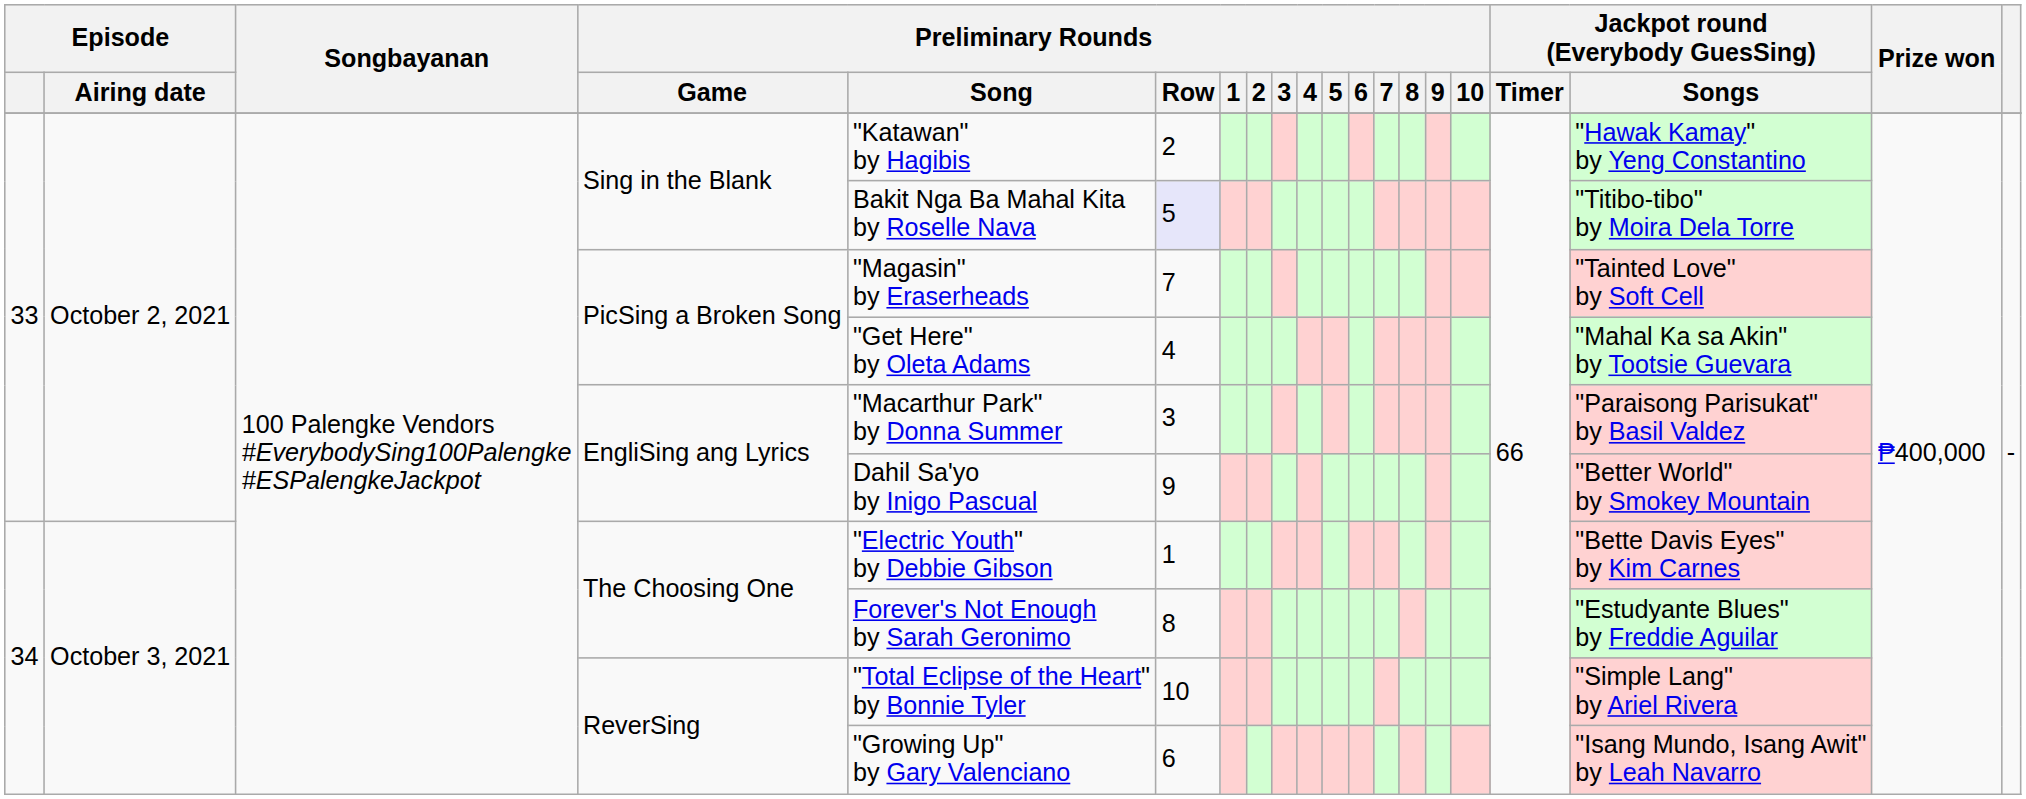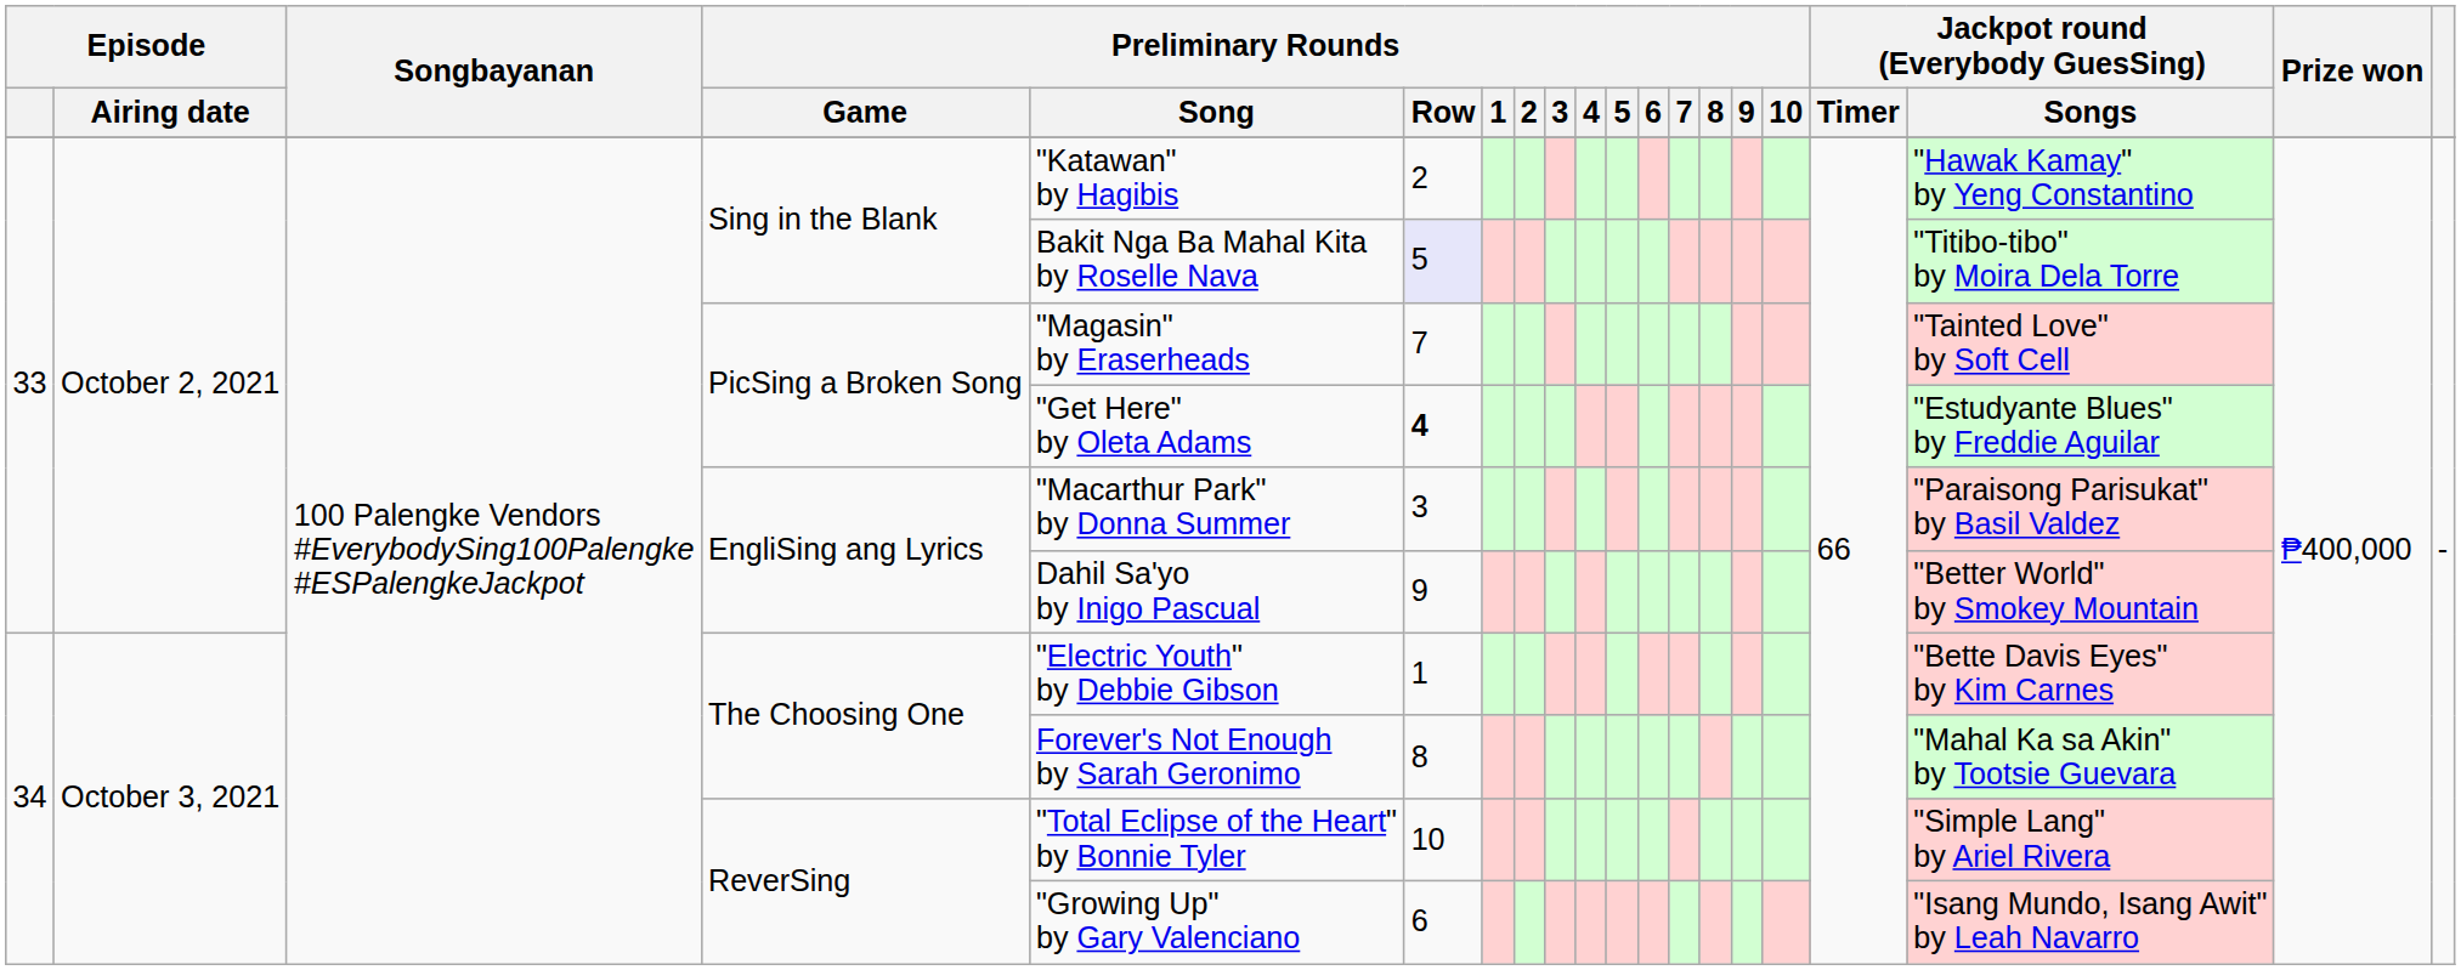 <table class="wikitable plainrowheaders mw-collapsible ">
 <tr>
 <th colspan="2">Episode</th>
 <th rowspan="2">Songbayanan</th>
 <th colspan="13">Preliminary Rounds</th>
 <th colspan="2">Jackpot round<br><strong>(Everybody GuesSing)</strong></th>
 <th rowspan="2">Prize won</th>
 <th rowspan="2"></th>
 </tr>
 <tr>
 <th></th>
 <th>Airing date</th>
 <th>Game</th>
 <th>Song</th>
 <th>Row</th>
 <th>1</th>
 <th>2</th>
 <th>3</th>
 <th>4</th>
 <th>5</th>
 <th>6</th>
 <th>7</th>
 <th>8</th>
 <th>9</th>
 <th>10</th>
 <th>Timer</th>
 <th>Songs</th>
 </tr>
 <tr>
 </tr>
 <tr>
 </tr>
 <tr>
 <td rowspan="6">33</td>
 <td rowspan="6">October 2, 2021</td>
 <td rowspan="10">100 Palengke Vendors <br> <em>#EverybodySing100Palengke</em> <br> <em>#ESPalengkeJackpot</em></td>
 <td rowspan="2">Sing in the Blank</td>
 <td>"Katawan" <br> by <a href='#'>Hagibis</a></td>
 <td>2</td>
 <td style="background:#D2FFD2"></td>
 <td style="background:#D2FFD2"></td>
 <td style="background:#FFD2D2"></td>
 <td style="background:#D2FFD2"></td>
 <td style="background:#D2FFD2"></td>
 <td style="background:#FFD2D2"></td>
 <td style="background:#D2FFD2"></td>
 <td style="background:#D2FFD2"></td>
 <td style="background:#FFD2D2"></td>
 <td style="background:#D2FFD2"></td>
 <td rowspan="10">66 </td>
 <td style="background:#D2FFD2">"<a href='#'>Hawak Kamay</a>"<br>by <a href='#'>Yeng Constantino</a></td>
 <td rowspan="10"><a href='#'>₱</a>400,000</td>
 <td rowspan="10">-</td>
 </tr>
 <tr>
 <td>Bakit Nga Ba Mahal Kita <br> by <a href='#'>Roselle Nava</a></td>
 <td style="background: lavender;">5</td>
 <td style="background:#FFD2D2"></td>
 <td style="background:#FFD2D2"></td>
 <td style="background:#D2FFD2"></td>
 <td style="background:#D2FFD2"></td>
 <td style="background:#D2FFD2"></td>
 <td style="background:#D2FFD2"></td>
 <td style="background:#FFD2D2"></td>
 <td style="background:#FFD2D2"></td>
 <td style="background:#FFD2D2"></td>
 <td style="background:#FFD2D2"></td>
 <td style="background:#D2FFD2">"Titibo-tibo"<br>by <a href='#'>Moira Dela Torre</a></td>
 </tr>
 <tr>
 <td rowspan="2">PicSing a Broken Song</td>
 <td>"Magasin" <br> by <a href='#'>Eraserheads</a></td>
 <td>7</td>
 <td style="background:#D2FFD2"></td>
 <td style="background:#D2FFD2"></td>
 <td style="background:#FFD2D2"></td>
 <td style="background:#D2FFD2"></td>
 <td style="background:#D2FFD2"></td>
 <td style="background:#D2FFD2"></td>
 <td style="background:#D2FFD2"></td>
 <td style="background:#D2FFD2"></td>
 <td style="background:#FFD2D2"></td>
 <td style="background:#FFD2D2"></td>
 <td style="background:#FFD2D2">"Tainted Love"<br>by <a href='#'>Soft Cell</a></td>
 </tr>
 <tr>
 <td>"Get Here" <br> by <a href='#'>Oleta Adams</a></td>
-<td>4</td>
+<td><strong>4</strong></td>
 <td style="background:#D2FFD2"></td>
 <td style="background:#D2FFD2"></td>
 <td style="background:#D2FFD2"></td>
 <td style="background:#FFD2D2"></td>
 <td style="background:#FFD2D2"></td>
 <td style="background:#D2FFD2"></td>
 <td style="background:#FFD2D2"></td>
 <td style="background:#FFD2D2"></td>
 <td style="background:#FFD2D2"></td>
 <td style="background:#D2FFD2"></td>
-<td style="background:#D2FFD2">"Mahal Ka sa Akin"<br>by <a href='#'>Tootsie Guevara</a></td>
+<td style="background:#D2FFD2">"Estudyante Blues"<br>by <a href='#'>Freddie Aguilar</a></td>
 </tr>
 <tr>
 <td rowspan="2">EngliSing ang Lyrics</td>
 <td>"Macarthur Park" <br> by <a href='#'>Donna Summer</a></td>
 <td>3</td>
 <td style="background:#D2FFD2"></td>
 <td style="background:#D2FFD2"></td>
 <td style="background:#FFD2D2"></td>
 <td style="background:#D2FFD2"></td>
 <td style="background:#FFD2D2"></td>
 <td style="background:#D2FFD2"></td>
 <td style="background:#FFD2D2"></td>
 <td style="background:#FFD2D2"></td>
 <td style="background:#FFD2D2"></td>
 <td style="background:#D2FFD2"></td>
 <td style="background:#FFD2D2">"Paraisong Parisukat"<br>by <a href='#'>Basil Valdez</a></td>
 </tr>
 <tr>
 <td>Dahil Sa'yo <br>by <a href='#'>Inigo Pascual</a></td>
 <td>9</td>
 <td style="background:#FFD2D2"></td>
 <td style="background:#FFD2D2"></td>
 <td style="background:#D2FFD2"></td>
 <td style="background:#FFD2D2"></td>
 <td style="background:#D2FFD2"></td>
 <td style="background:#D2FFD2"></td>
 <td style="background:#D2FFD2"></td>
 <td style="background:#D2FFD2"></td>
 <td style="background:#FFD2D2"></td>
 <td style="background:#D2FFD2"></td>
 <td style="background:#FFD2D2">"Better World"<br>by <a href='#'>Smokey Mountain</a></td>
 </tr>
 <tr>
 <td rowspan="4">34</td>
 <td rowspan="4">October 3, 2021</td>
 <td rowspan="2">The Choosing One</td>
 <td>"<a href='#'>Electric Youth</a>" <br> by <a href='#'>Debbie Gibson</a></td>
 <td>1</td>
 <td style="background:#D2FFD2"></td>
 <td style="background:#D2FFD2"></td>
 <td style="background:#FFD2D2"></td>
 <td style="background:#FFD2D2"></td>
 <td style="background:#D2FFD2"></td>
 <td style="background:#FFD2D2"></td>
 <td style="background:#FFD2D2"></td>
 <td style="background:#D2FFD2"></td>
 <td style="background:#FFD2D2"></td>
 <td style="background:#D2FFD2"></td>
 <td style="background:#FFD2D2">"Bette Davis Eyes"<br>by <a href='#'>Kim Carnes</a></td>
 </tr>
 <tr>
 <td><a href='#'>Forever's Not Enough</a> <br> by <a href='#'>Sarah Geronimo</a></td>
 <td>8</td>
 <td style="background:#FFD2D2"></td>
 <td style="background:#FFD2D2"></td>
 <td style="background:#D2FFD2"></td>
 <td style="background:#D2FFD2"></td>
 <td style="background:#D2FFD2"></td>
 <td style="background:#D2FFD2"></td>
 <td style="background:#D2FFD2"></td>
 <td style="background:#FFD2D2"></td>
 <td style="background:#D2FFD2"></td>
 <td style="background:#D2FFD2"></td>
-<td style="background:#D2FFD2">"Estudyante Blues"<br>by <a href='#'>Freddie Aguilar</a></td>
+<td style="background:#D2FFD2">"Mahal Ka sa Akin"<br>by <a href='#'>Tootsie Guevara</a></td>
 </tr>
 <tr>
 <td rowspan="2">ReverSing</td>
 <td>"<a href='#'>Total Eclipse of the Heart</a>" <br> by <a href='#'>Bonnie Tyler</a></td>
 <td>10</td>
 <td style="background:#FFD2D2"></td>
 <td style="background:#FFD2D2"></td>
 <td style="background:#D2FFD2"></td>
 <td style="background:#D2FFD2"></td>
 <td style="background:#D2FFD2"></td>
 <td style="background:#D2FFD2"></td>
 <td style="background:#FFD2D2"></td>
 <td style="background:#D2FFD2"></td>
 <td style="background:#D2FFD2"></td>
 <td style="background:#D2FFD2"></td>
 <td style="background:#FFD2D2">"Simple Lang"<br>by <a href='#'>Ariel Rivera</a></td>
 </tr>
 <tr>
 <td>"Growing Up" <br> by <a href='#'>Gary Valenciano</a></td>
 <td>6</td>
 <td style="background:#FFD2D2"></td>
 <td style="background:#D2FFD2"></td>
 <td style="background:#FFD2D2"></td>
 <td style="background:#FFD2D2"></td>
 <td style="background:#FFD2D2"></td>
 <td style="background:#FFD2D2"></td>
 <td style="background:#D2FFD2"></td>
 <td style="background:#FFD2D2"></td>
 <td style="background:#D2FFD2"></td>
 <td style="background:#FFD2D2"></td>
 <td style="background:#FFD2D2">"Isang Mundo, Isang Awit"<br>by <a href='#'>Leah Navarro</a></td>
 </tr>
 <tr>
 </tr>
 </table>
